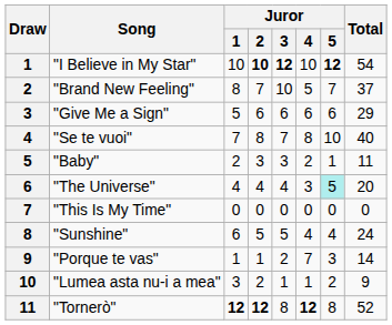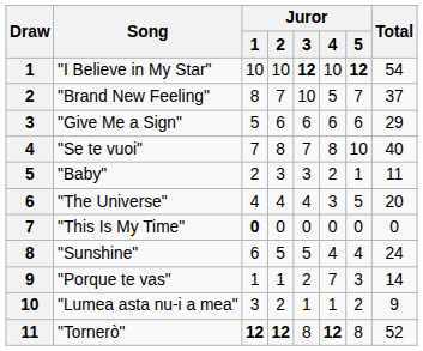 <table class="wikitable collapsible" style="margin: 1em auto 1em auto; text-align:center;">
 <tr>
 <th rowspan="2">Draw</th>
 <th rowspan="2">Song</th>
 <th colspan="5">Juror</th>
 <th rowspan="2">Total</th>
 </tr>
 <tr>
 <th>1</th>
 <th>2</th>
 <th>3</th>
 <th>4</th>
 <th>5</th>
 </tr>
 <tr>
 <th scope="row" style="text-align:center">1</th>
 <td align="left">"I Believe in My Star"</td>
 <td>10</td>
-<td><strong>10</strong></td>
+<td>10</td>
 <td><strong>12</strong></td>
 <td>10</td>
 <td><strong>12</strong></td>
 <td>54</td>
 </tr>
 <tr>
 <th scope="row" style="text-align:center">2</th>
 <td align="left">"Brand New Feeling"</td>
 <td>8</td>
 <td>7</td>
 <td>10</td>
 <td>5</td>
 <td>7</td>
 <td>37</td>
 </tr>
 <tr>
 <th scope="row" style="text-align:center">3</th>
 <td align="left">"Give Me a Sign"</td>
 <td>5</td>
 <td>6</td>
 <td>6</td>
 <td>6</td>
 <td>6</td>
 <td>29</td>
 </tr>
 <tr>
 <th scope="row" style="text-align:center">4</th>
 <td align="left">"Se te vuoi"</td>
 <td>7</td>
 <td>8</td>
 <td>7</td>
 <td>8</td>
 <td>10</td>
 <td>40</td>
 </tr>
 <tr>
 <th scope="row" style="text-align:center">5</th>
 <td align="left">"Baby"</td>
 <td>2</td>
 <td>3</td>
 <td>3</td>
 <td>2</td>
 <td>1</td>
 <td>11</td>
 </tr>
 <tr>
 <th scope="row" style="text-align:center">6</th>
 <td align="left">"The Universe"</td>
 <td>4</td>
 <td>4</td>
 <td>4</td>
 <td>3</td>
-<td style="background: paleturquoise;">5</td>
+<td>5</td>
 <td>20</td>
 </tr>
 <tr>
 <th scope="row" style="text-align:center">7</th>
 <td align="left">"This Is My Time"</td>
-<td>0</td>
+<td><strong>0</strong></td>
 <td>0</td>
 <td>0</td>
 <td>0</td>
 <td>0</td>
 <td>0</td>
 </tr>
 <tr>
 <th scope="row" style="text-align:center">8</th>
 <td align="left">"Sunshine"</td>
 <td>6</td>
 <td>5</td>
 <td>5</td>
 <td>4</td>
 <td>4</td>
 <td>24</td>
 </tr>
 <tr>
 <th scope="row" style="text-align:center">9</th>
 <td align="left">"Porque te vas"</td>
 <td>1</td>
 <td>1</td>
 <td>2</td>
 <td>7</td>
 <td>3</td>
 <td>14</td>
 </tr>
 <tr>
 <th scope="row" style="text-align:center">10</th>
 <td align="left">"Lumea asta nu-i a mea"</td>
 <td>3</td>
 <td>2</td>
 <td>1</td>
 <td>1</td>
 <td>2</td>
 <td>9</td>
 </tr>
 <tr>
 <th scope="row" style="text-align:center">11</th>
 <td align="left">"Tornerò"</td>
 <td><strong>12</strong></td>
 <td><strong>12</strong></td>
 <td>8</td>
 <td><strong>12</strong></td>
 <td>8</td>
 <td>52</td>
 </tr>
 </table>
